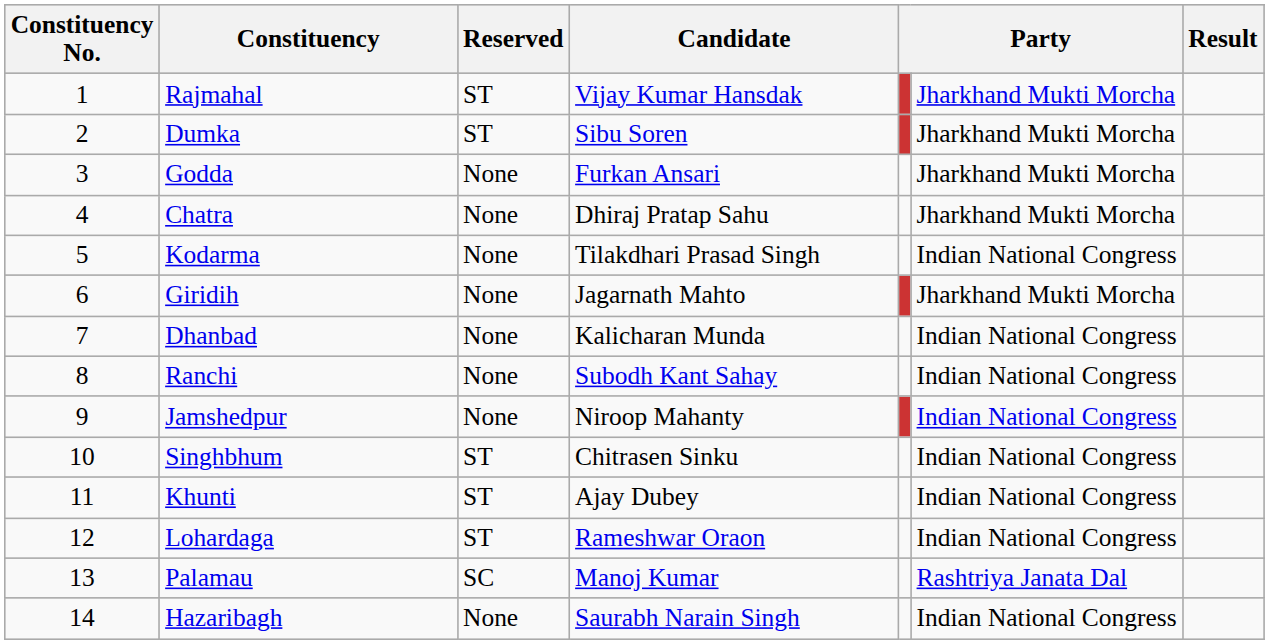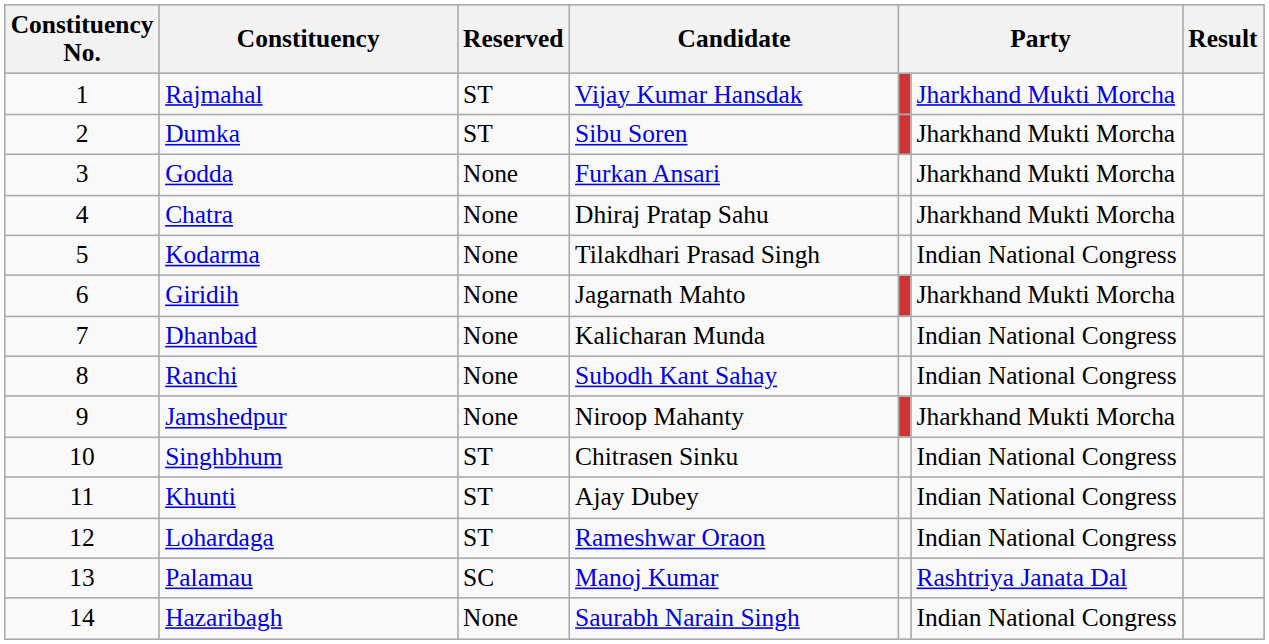 <table class= "wikitable sortable">
 <tr>
 <th>Constituency <br> No.</th>
 <th style="width:180px;">Constituency</th>
 <th>Reserved</th>
 <th style="width:200px;">Candidate</th>
 <th colspan=2>Party</th>
 <th>Result</th>
 </tr>
 <tr>
 <td align="center">1</td>
 <td><a href='#'>Rajmahal</a></td>
 <td>ST</td>
 <td><a href='#'>Vijay Kumar Hansdak</a></td>
 <td bgcolor=#CC3333></td>
 <td><a href='#'>Jharkhand Mukti Morcha</a></td>
 <td></td>
 </tr>
 <tr>
 <td align="center">2</td>
 <td><a href='#'>Dumka</a></td>
 <td>ST</td>
 <td><a href='#'>Sibu Soren</a></td>
 <td bgcolor=#CC3333></td>
 <td>Jharkhand Mukti Morcha</td>
 <td></td>
 </tr>
 <tr>
 <td align="center">3</td>
 <td><a href='#'>Godda</a></td>
 <td>None</td>
 <td><a href='#'>Furkan Ansari</a></td>
 <td></td>
 <td>Jharkhand Mukti Morcha</td>
 <td></td>
 </tr>
 <tr>
 <td align="center">4</td>
 <td><a href='#'>Chatra</a></td>
 <td>None</td>
 <td>Dhiraj Pratap Sahu</td>
 <td></td>
 <td>Jharkhand Mukti Morcha</td>
 <td></td>
 </tr>
 <tr>
 <td align="center">5</td>
 <td><a href='#'>Kodarma</a></td>
 <td>None</td>
 <td>Tilakdhari Prasad Singh</td>
 <td></td>
 <td>Indian National Congress</td>
 <td></td>
 </tr>
 <tr>
 <td align="center">6</td>
 <td><a href='#'>Giridih</a></td>
 <td>None</td>
 <td>Jagarnath Mahto</td>
 <td bgcolor=#CC3333></td>
 <td>Jharkhand Mukti Morcha</td>
 <td></td>
 </tr>
 <tr>
 <td align="center">7</td>
 <td><a href='#'>Dhanbad</a></td>
 <td>None</td>
 <td>Kalicharan Munda</td>
 <td></td>
 <td>Indian National Congress</td>
 <td></td>
 </tr>
 <tr>
 <td align="center">8</td>
 <td><a href='#'>Ranchi</a></td>
 <td>None</td>
 <td><a href='#'>Subodh Kant Sahay</a></td>
 <td></td>
 <td>Indian National Congress</td>
 <td></td>
 </tr>
 <tr>
 <td align="center">9</td>
 <td><a href='#'>Jamshedpur</a></td>
 <td>None</td>
 <td>Niroop Mahanty</td>
 <td bgcolor=#CC3333></td>
-<td><a href='#'>Indian National Congress</a></td>
+<td>Jharkhand Mukti Morcha</td>
 <td></td>
 </tr>
 <tr>
 <td align="center">10</td>
 <td><a href='#'>Singhbhum</a></td>
 <td>ST</td>
 <td>Chitrasen Sinku</td>
 <td></td>
 <td>Indian National Congress</td>
 <td></td>
 </tr>
 <tr>
 <td align="center">11</td>
 <td><a href='#'>Khunti</a></td>
 <td>ST</td>
 <td>Ajay Dubey</td>
 <td></td>
 <td>Indian National Congress</td>
 <td></td>
 </tr>
 <tr>
 <td align="center">12</td>
 <td><a href='#'>Lohardaga</a></td>
 <td>ST</td>
 <td><a href='#'>Rameshwar Oraon</a></td>
 <td></td>
 <td>Indian National Congress</td>
 <td></td>
 </tr>
 <tr>
 <td align="center">13</td>
 <td><a href='#'>Palamau</a></td>
 <td>SC</td>
 <td><a href='#'>Manoj Kumar</a></td>
 <td></td>
 <td><a href='#'>Rashtriya Janata Dal</a></td>
 <td></td>
 </tr>
 <tr>
 <td align="center">14</td>
 <td><a href='#'>Hazaribagh</a></td>
 <td>None</td>
 <td><a href='#'>Saurabh Narain Singh</a></td>
 <td></td>
 <td>Indian National Congress</td>
 <td></td>
 </tr>
 </table>
